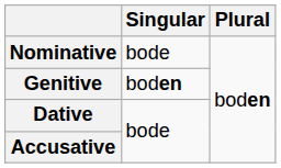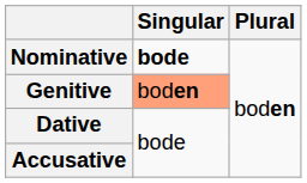 <table class="wikitable" style="display: inline-table;">
 <tr>
 <th></th>
 <th>Singular</th>
 <th>Plural</th>
 </tr>
 <tr>
 <th>Nominative</th>
-<td>bode</td>
+<td><strong>bode</strong></td>
 <td rowspan="4">bod<strong>en</strong></td>
 </tr>
 <tr>
 <th>Genitive</th>
-<td>bod<strong>en</strong></td>
+<td style="background: lightsalmon;">bod<strong>en</strong></td>
 </tr>
 <tr>
 <th>Dative</th>
 <td rowspan="2">bode</td>
 </tr>
 <tr>
 <th>Accusative</th>
 </tr>
 </table>
